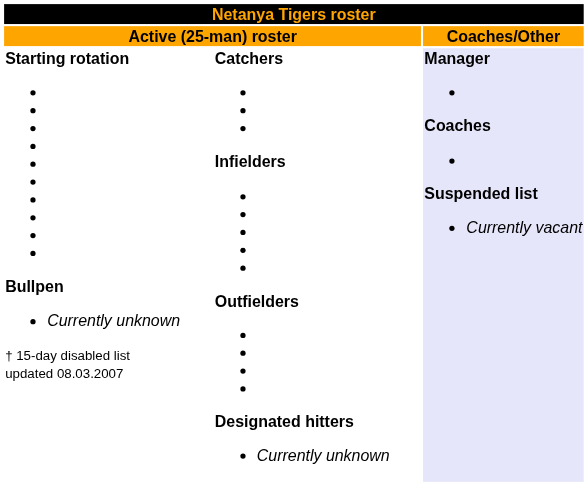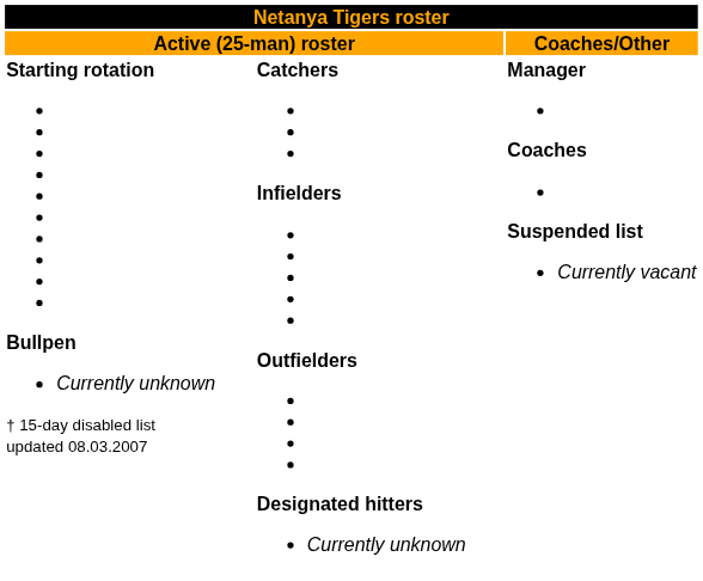 <table class="toccolours" style="font-size: 95%;">
 <tr>
 <th colspan="10" style="background-color: black; color: orange; text-align: center;">Netanya Tigers roster</th>
 </tr>
 <tr>
 <td colspan="4" style="background-color: orange; color: black; text-align: center;"><strong>Active (25-man) roster</strong></td>
 <td colspan="1" style="background-color: orange; color: black; text-align: center;"><strong>Coaches/Other</strong></td>
 </tr>
 <tr>
 <td style="vertical-align:top;"><strong>Starting rotation</strong><br><ul><li></li><li></li><li></li><li></li><li></li><li></li><li></li><li></li><li></li><li></li></ul><strong>Bullpen</strong><ul><li><em>Currently unknown</em></li></ul><small>† 15-day disabled list</small><br> <small> updated 08.03.2007</small><br> <small></small></td>
 <td width="25px"></td>
 <td style="vertical-align:top;"><strong>Catchers</strong><br><ul><li></li><li></li><li></li></ul><strong>Infielders</strong><ul><li></li><li></li><li></li><li></li><li></li></ul><strong>Outfielders</strong><ul><li></li><li></li><li></li><li></li></ul><strong>Designated hitters</strong><ul><li><em>Currently unknown</em></li></ul></td>
 <td width="25px"></td>
-<td style="background: lavender; vertical-align:top;"><strong>Manager</strong><br><ul><li></li></ul><strong>Coaches</strong><ul><li></li></ul><strong>Suspended list</strong><ul><li><em>Currently vacant</em></li></ul></td>
+<td style="vertical-align:top;"><strong>Manager</strong><br><ul><li></li></ul><strong>Coaches</strong><ul><li></li></ul><strong>Suspended list</strong><ul><li><em>Currently vacant</em></li></ul></td>
 </tr>
 <tr>
 </tr>
 </table>
